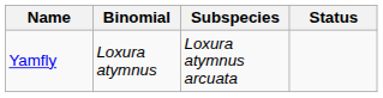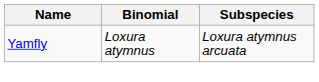 <table width=60% class="wikitable">
 <tr>
 <th width=20%>Name</th>
 <th width=20%>Binomial</th>
 <th width=20%>Subspecies</th>
-<th width=20%>Status</th>
 </tr>
 <tr>
 <td><a href='#'>Yamfly</a><br> </td>
 <td><em>Loxura atymnus</em></td>
 <td><em>Loxura atymnus arcuata</em></td>
-<td></td>
 </tr>
 </table>
